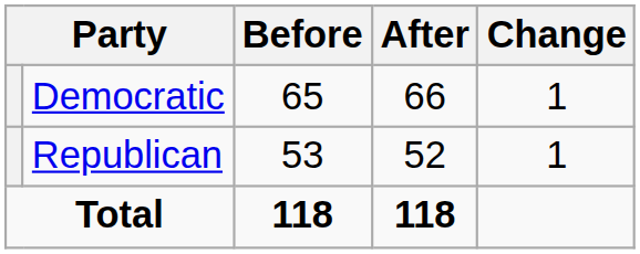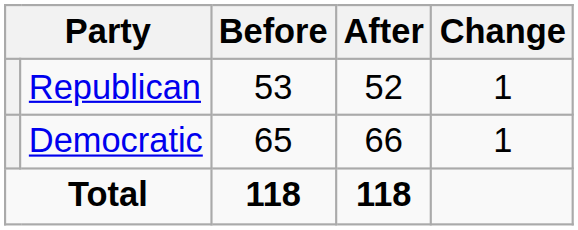 <table class="wikitable" style="text-align:center;">
 <tr>
 <th colspan="2">Party</th>
 <th>Before</th>
 <th>After</th>
 <th>Change</th>
 </tr>
 <tr>
 <th style="background-color:"></th>
-<td style="text-align:left;"><a href='#'>Democratic</a></td>
-<td>65</td>
-<td>66</td>
+<td style="text-align:left;"><a href='#'>Republican</a></td>
+<td>53</td>
+<td>52</td>
 <td> 1</td>
 </tr>
 <tr>
 <th style="background-color:"></th>
-<td style="text-align:left;"><a href='#'>Republican</a></td>
-<td>53</td>
-<td>52</td>
+<td style="text-align:left;"><a href='#'>Democratic</a></td>
+<td>65</td>
+<td>66</td>
 <td> 1</td>
 </tr>
 <tr>
 <td colspan="2"><strong>Total</strong></td>
 <td><strong>118</strong></td>
 <td><strong>118</strong></td>
 <td></td>
 </tr>
 </table>
